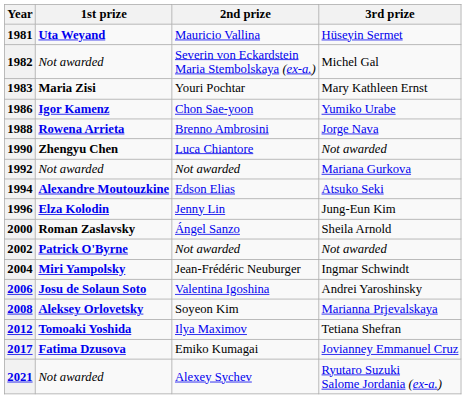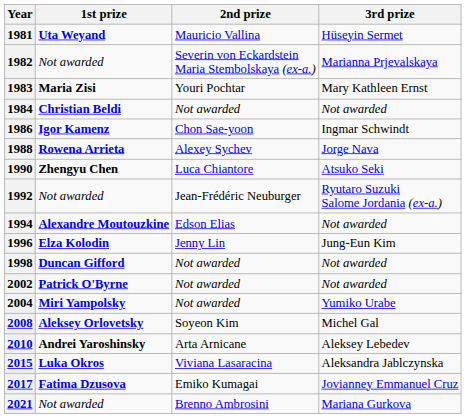 <table class="wikitable">
 <tr>
 <th>Year</th>
 <th>1st prize</th>
 <th>2nd prize</th>
 <th>3rd prize</th>
 </tr>
 <tr>
 <th>1981</th>
 <td> <strong><a href='#'>Uta Weyand</a></strong></td>
 <td> <a href='#'>Mauricio Vallina</a></td>
 <td> <a href='#'>Hüseyin Sermet</a></td>
 </tr>
 <tr>
 <th>1982</th>
 <td><em>Not awarded</em></td>
 <td> <a href='#'>Severin von Eckardstein</a><br> <a href='#'>Maria Stembolskaya</a>  <em>(<a href='#'>ex-a.</a>)</em></td>
-<td> Michel Gal</td>
+<td>  <a href='#'>Marianna Prjevalskaya</a></td>
 </tr>
 <tr>
 <th>1983</th>
 <td> <strong>Maria Zisi</strong></td>
 <td> Youri Pochtar</td>
 <td> Mary Kathleen Ernst</td>
 </tr>
 <tr>
+<th>1984</th>
+<td> <strong><a href='#'>Christian Beldi</a></strong></td>
+<td><em>Not awarded</em></td>
+<td><em>Not awarded</em></td>
+</tr>
+<tr>
 <th>1986</th>
 <td> <strong><a href='#'>Igor Kamenz</a></strong></td>
 <td> <a href='#'>Chon Sae-yoon</a></td>
-<td> <a href='#'>Yumiko Urabe</a></td>
+<td> Ingmar Schwindt</td>
 </tr>
 <tr>
 <th>1988</th>
 <td> <strong><a href='#'>Rowena Arrieta</a></strong></td>
-<td> <a href='#'>Brenno Ambrosini</a></td>
+<td> <a href='#'>Alexey Sychev</a></td>
 <td> <a href='#'>Jorge Nava</a></td>
 </tr>
 <tr>
 <th>1990</th>
 <td><strong> Zhengyu Chen</strong></td>
 <td> <a href='#'>Luca Chiantore</a></td>
-<td><em>Not awarded</em></td>
+<td>  <a href='#'>Atsuko Seki</a></td>
 </tr>
 <tr>
 <th>1992</th>
 <td><em>Not awarded</em></td>
-<td><em>Not awarded</em></td>
-<td> <a href='#'>Mariana Gurkova</a></td>
+<td> Jean-Frédéric Neuburger</td>
+<td> <a href='#'>Ryutaro Suzuki</a><br> <a href='#'>Salome Jordania</a>  <em>(<a href='#'>ex-a.</a>)</em></td>
 </tr>
 <tr>
 <th>1994</th>
 <td> <strong><a href='#'>Alexandre Moutouzkine</a></strong></td>
 <td>  <a href='#'>Edson Elias</a></td>
-<td>  <a href='#'>Atsuko Seki</a></td>
+<td><em>Not awarded</em></td>
 </tr>
 <tr>
 <th>1996</th>
 <td> <strong><a href='#'>Elza Kolodin</a></strong></td>
 <td> <a href='#'>Jenny Lin</a></td>
 <td> Jung-Eun Kim</td>
 </tr>
 <tr>
-<th>2000</th>
-<td>  <strong>Roman Zaslavsky</strong></td>
-<td> <a href='#'>Ángel Sanzo</a></td>
-<td> Sheila Arnold</td>
+<th>1998</th>
+<td> <strong><a href='#'>Duncan Gifford</a></strong></td>
+<td><em>Not awarded</em></td>
+<td><em>Not awarded</em></td>
 </tr>
 <tr>
 <th>2002</th>
 <td> <strong><a href='#'>Patrick O'Byrne</a></strong></td>
 <td><em>Not awarded</em></td>
 <td><em>Not awarded</em></td>
 </tr>
 <tr>
 <th>2004</th>
 <td>  <strong><a href='#'>Miri Yampolsky</a></strong></td>
-<td> Jean-Frédéric Neuburger</td>
-<td> Ingmar Schwindt</td>
-</tr>
-<tr>
-<th><a href='#'>2006</a></th>
-<td> <strong><a href='#'>Josu de Solaun Soto</a></strong></td>
-<td> <a href='#'>Valentina Igoshina</a></td>
-<td> Andrei Yaroshinsky</td>
+<td><em>Not awarded</em></td>
+<td> <a href='#'>Yumiko Urabe</a></td>
 </tr>
 <tr>
 <th><a href='#'>2008</a></th>
 <td> <strong><a href='#'>Aleksey Orlovetsky</a></strong></td>
 <td> Soyeon Kim</td>
-<td>  <a href='#'>Marianna Prjevalskaya</a></td>
+<td> Michel Gal</td>
 </tr>
 <tr>
-<th><a href='#'>2012</a></th>
-<td> <strong><a href='#'>Tomoaki Yoshida</a></strong></td>
-<td> <a href='#'>Ilya Maximov</a></td>
-<td> Tetiana Shefran</td>
+<th><a href='#'>2010</a></th>
+<td> <strong>Andrei Yaroshinsky</strong></td>
+<td> Arta Arnicane</td>
+<td> Aleksey Lebedev</td>
+</tr>
+<tr>
+<th><a href='#'>2015</a></th>
+<td> <strong><a href='#'>Luka Okros</a></strong></td>
+<td> <a href='#'>Viviana Lasaracina</a></td>
+<td> Aleksandra Jablczynska</td>
 </tr>
 <tr>
 <th><a href='#'>2017</a></th>
 <td> <strong><a href='#'>Fatima Dzusova</a></strong></td>
 <td> Emiko Kumagai</td>
 <td> <a href='#'>Jovianney Emmanuel Cruz</a></td>
 </tr>
 <tr>
 <th><a href='#'>2021</a></th>
 <td><em>Not awarded</em></td>
-<td> <a href='#'>Alexey Sychev</a></td>
-<td> <a href='#'>Ryutaro Suzuki</a><br> <a href='#'>Salome Jordania</a>  <em>(<a href='#'>ex-a.</a>)</em></td>
+<td> <a href='#'>Brenno Ambrosini</a></td>
+<td> <a href='#'>Mariana Gurkova</a></td>
 </tr>
 </table>
